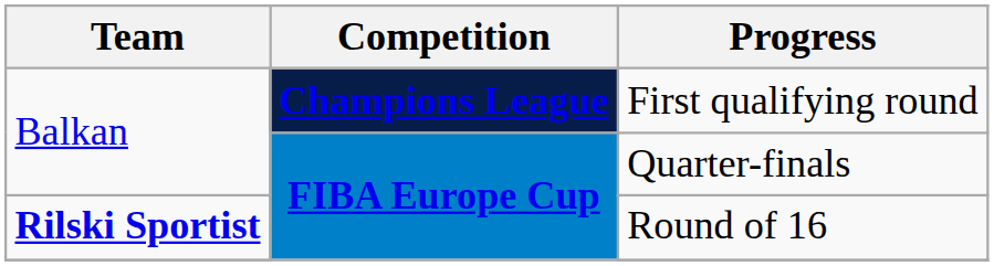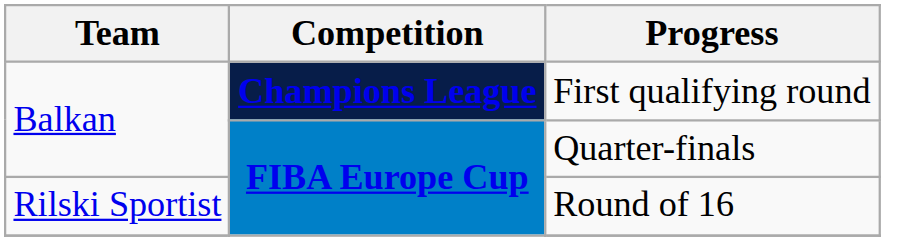 <table class="wikitable sortable">
 <tr>
 <th>Team</th>
 <th>Competition</th>
 <th>Progress</th>
 </tr>
 <tr>
 <td rowspan=2><a href='#'>Balkan</a></td>
 <td style="background-color:#071D49;color:#D0D3D4;text-align:center"><strong><a href='#'><span>Champions League</span></a></strong></td>
 <td>First qualifying round</td>
 </tr>
 <tr>
 <td rowspan="3" style="background-color:#0080c8;color:#D0D3D4;text-align:center"><strong><a href='#'><span>FIBA Europe Cup</span></a></strong></td>
 <td>Quarter-finals</td>
 </tr>
 <tr>
-<td><strong><a href='#'>Rilski Sportist</a></strong></td>
+<td><a href='#'>Rilski Sportist</a></td>
 <td>Round of 16</td>
 </tr>
 <tr>
 </tr>
 </table>
